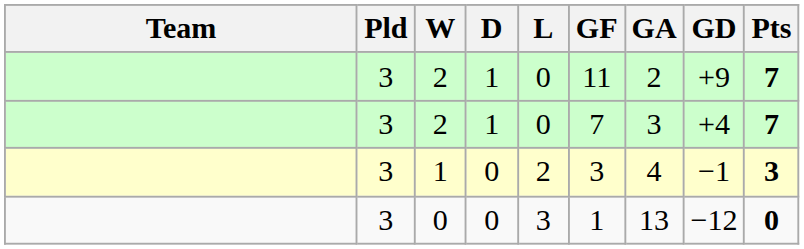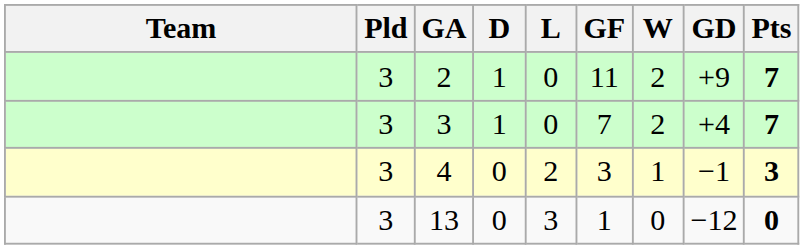 <table class="wikitable" style="text-align:center;">
 <tr>
 <th width=180>Team</th>
 <th width=20>Pld</th>
-<th width=20>W</th>
+<th width=20>GA</th>
 <th width=20>D</th>
 <th width=20>L</th>
 <th width=20>GF</th>
-<th width=20>GA</th>
+<th width=20>W</th>
 <th width=20>GD</th>
 <th width=20>Pts</th>
 </tr>
 <tr align=center style="background:#ccffcc;">
 <td style="text-align:left;"></td>
 <td>3</td>
 <td>2</td>
 <td>1</td>
 <td>0</td>
 <td>11</td>
 <td>2</td>
 <td>+9</td>
 <td><strong>7</strong></td>
 </tr>
 <tr align=center style="background:#ccffcc;">
 <td style="text-align:left;"></td>
 <td>3</td>
-<td>2</td>
+<td>3</td>
 <td>1</td>
 <td>0</td>
 <td>7</td>
-<td>3</td>
+<td>2</td>
 <td>+4</td>
 <td><strong>7</strong></td>
 </tr>
 <tr align=center style="background:#ffffcc;">
 <td style="text-align:left;"></td>
 <td>3</td>
-<td>1</td>
+<td>4</td>
 <td>0</td>
 <td>2</td>
 <td>3</td>
-<td>4</td>
+<td>1</td>
 <td>−1</td>
 <td><strong>3</strong></td>
 </tr>
 <tr align=center>
 <td style="text-align:left;"></td>
 <td>3</td>
-<td>0</td>
+<td>13</td>
 <td>0</td>
 <td>3</td>
 <td>1</td>
-<td>13</td>
+<td>0</td>
 <td>−12</td>
 <td><strong>0</strong></td>
 </tr>
 </table>
